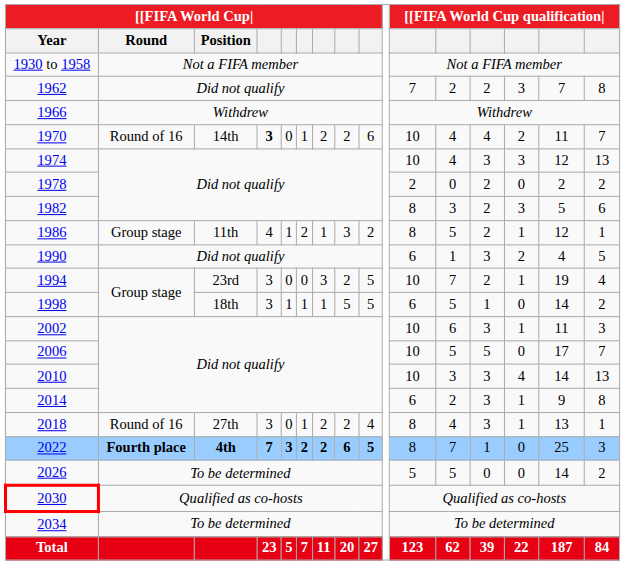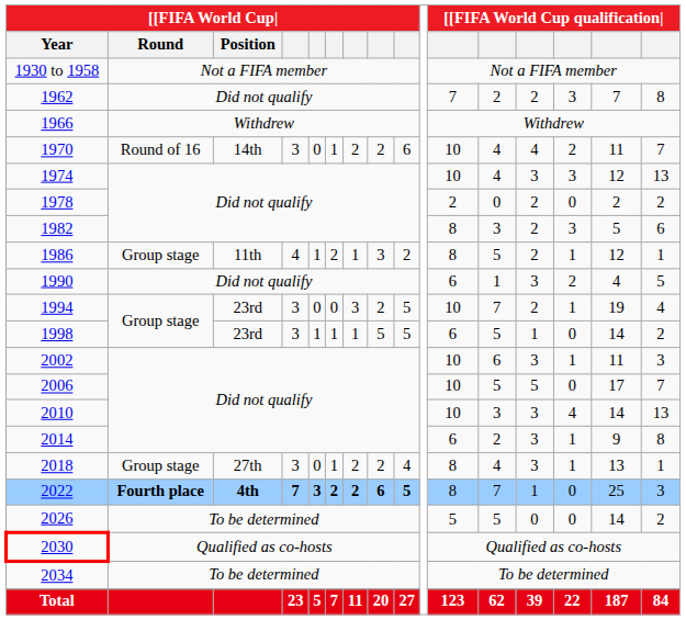 <table class="wikitable" style="font-size:90%; text-align:center">
 <tr>
 <th colspan=9 style="background:#ED1C24; color:white; ">[[FIFA World Cup|</th>
 <th style="width:1%;background:white" rowspan=30></th>
 <th colspan=6 style="background:#ED1C24; color:white; ">[[FIFA World Cup qualification|</th>
 </tr>
 <tr>
 <th>Year</th>
 <th>Round</th>
 <th>Position</th>
 <th></th>
 <th></th>
 <th></th>
 <th></th>
 <th></th>
 <th></th>
 <th></th>
 <th></th>
 <th></th>
 <th></th>
 <th></th>
 <th></th>
 </tr>
 <tr>
 <td> <a href='#'>1930</a> to  <a href='#'>1958</a></td>
 <td colspan=8><em>Not a FIFA member</em></td>
 <td colspan=6><em>Not a FIFA member</em></td>
 </tr>
 <tr>
 <td> <a href='#'>1962</a></td>
 <td colspan=8><em>Did not qualify</em></td>
 <td>7</td>
 <td>2</td>
 <td>2</td>
 <td>3</td>
 <td>7</td>
 <td>8</td>
 </tr>
 <tr>
 <td> <a href='#'>1966</a></td>
 <td colspan=8><em>Withdrew</em></td>
 <td colspan=6><em>Withdrew</em></td>
 </tr>
 <tr>
 <td> <a href='#'>1970</a></td>
 <td>Round of 16</td>
 <td>14th</td>
-<td><strong>3</strong></td>
+<td>3</td>
 <td>0</td>
 <td>1</td>
 <td>2</td>
 <td>2</td>
 <td>6</td>
 <td>10</td>
 <td>4</td>
 <td>4</td>
 <td>2</td>
 <td>11</td>
 <td>7</td>
 </tr>
 <tr>
 <td> <a href='#'>1974</a></td>
 <td colspan=8 rowspan=3><em>Did not qualify</em></td>
 <td>10</td>
 <td>4</td>
 <td>3</td>
 <td>3</td>
 <td>12</td>
 <td>13</td>
 </tr>
 <tr>
 <td> <a href='#'>1978</a></td>
 <td>2</td>
 <td>0</td>
 <td>2</td>
 <td>0</td>
 <td>2</td>
 <td>2</td>
 </tr>
 <tr>
 <td> <a href='#'>1982</a></td>
 <td>8</td>
 <td>3</td>
 <td>2</td>
 <td>3</td>
 <td>5</td>
 <td>6</td>
 </tr>
 <tr>
 <td> <a href='#'>1986</a></td>
 <td>Group stage</td>
 <td>11th</td>
 <td>4</td>
 <td>1</td>
 <td>2</td>
 <td>1</td>
 <td>3</td>
 <td>2</td>
 <td>8</td>
 <td>5</td>
 <td>2</td>
 <td>1</td>
 <td>12</td>
 <td>1</td>
 </tr>
 <tr>
 <td> <a href='#'>1990</a></td>
 <td colspan=8><em>Did not qualify</em></td>
 <td>6</td>
 <td>1</td>
 <td>3</td>
 <td>2</td>
 <td>4</td>
 <td>5</td>
 </tr>
 <tr>
 <td> <a href='#'>1994</a></td>
 <td rowspan=2>Group stage</td>
 <td>23rd</td>
 <td>3</td>
 <td>0</td>
 <td>0</td>
 <td>3</td>
 <td>2</td>
 <td>5</td>
 <td>10</td>
 <td>7</td>
 <td>2</td>
 <td>1</td>
 <td>19</td>
 <td>4</td>
 </tr>
 <tr>
 <td> <a href='#'>1998</a></td>
-<td>18th</td>
+<td>23rd</td>
 <td>3</td>
 <td>1</td>
 <td>1</td>
 <td>1</td>
 <td>5</td>
 <td>5</td>
 <td>6</td>
 <td>5</td>
 <td>1</td>
 <td>0</td>
 <td>14</td>
 <td>2</td>
 </tr>
 <tr>
 <td>  <a href='#'>2002</a></td>
 <td colspan=8 rowspan=4><em>Did not qualify</em></td>
 <td>10</td>
 <td>6</td>
 <td>3</td>
 <td>1</td>
 <td>11</td>
 <td>3</td>
 </tr>
 <tr>
 <td> <a href='#'>2006</a></td>
 <td>10</td>
 <td>5</td>
 <td>5</td>
 <td>0</td>
 <td>17</td>
 <td>7</td>
 </tr>
 <tr>
 <td> <a href='#'>2010</a></td>
 <td>10</td>
 <td>3</td>
 <td>3</td>
 <td>4</td>
 <td>14</td>
 <td>13</td>
 </tr>
 <tr>
 <td> <a href='#'>2014</a></td>
 <td>6</td>
 <td>2</td>
 <td>3</td>
 <td>1</td>
 <td>9</td>
 <td>8</td>
 </tr>
 <tr>
 <td> <a href='#'>2018</a></td>
-<td>Round of 16</td>
+<td>Group stage</td>
 <td>27th</td>
 <td>3</td>
 <td>0</td>
 <td>1</td>
 <td>2</td>
 <td>2</td>
 <td>4</td>
 <td>8</td>
 <td>4</td>
 <td>3</td>
 <td>1</td>
 <td>13</td>
 <td>1</td>
 </tr>
 <tr style="background:#9acdff">
 <td> <a href='#'>2022</a></td>
 <td><strong>Fourth place</strong></td>
 <td><strong>4th</strong></td>
 <td><strong>7</strong></td>
 <td><strong>3</strong></td>
 <td><strong>2</strong></td>
 <td><strong>2</strong></td>
 <td><strong>6</strong></td>
 <td><strong>5</strong></td>
 <td>8</td>
 <td>7</td>
 <td>1</td>
 <td>0</td>
 <td>25</td>
 <td>3</td>
 </tr>
 <tr>
 <td>   <a href='#'>2026</a></td>
 <td colspan=8><em>To be determined</em></td>
 <td>5</td>
 <td>5</td>
 <td>0</td>
 <td>0</td>
 <td>14</td>
 <td>2</td>
 </tr>
 <tr>
 <td style="border:3px solid red;">   <a href='#'>2030</a></td>
 <td colspan=8><em>Qualified as co-hosts</em></td>
 <td colspan=6><em>Qualified as co-hosts</em></td>
 </tr>
 <tr>
 <td> <a href='#'>2034</a></td>
 <td colspan=8><em>To be determined</em></td>
 <td colspan=6><em>To be determined</em></td>
 </tr>
 <tr>
 </tr>
 <tr style="color:white;">
 <th style="background:#E70013;">Total</th>
 <th style="background:#E70013;"></th>
 <th style="background:#E70013;"></th>
 <th style="background:#E70013;">23</th>
 <th style="background:#E70013;">5</th>
 <th style="background:#E70013;">7</th>
 <th style="background:#E70013;">11</th>
 <th style="background:#E70013;">20</th>
 <th style="background:#E70013;">27</th>
 <th style="background:#E70013;">123</th>
 <th style="background:#E70013;">62</th>
 <th style="background:#E70013;">39</th>
 <th style="background:#E70013;">22</th>
 <th style="background:#E70013;">187</th>
 <th style="background:#E70013;">84</th>
 </tr>
 </table>
